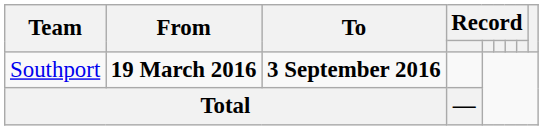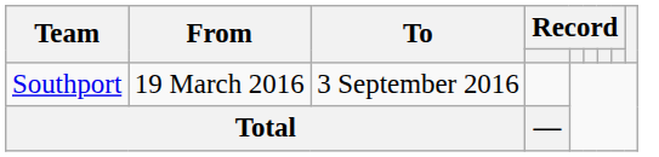 <table class=wikitable style="text-align: center">
 <tr>
 <th rowspan=2>Team</th>
 <th rowspan=2>From</th>
 <th rowspan=2>To</th>
 <th colspan=5>Record</th>
 <th rowspan=2></th>
 </tr>
 <tr>
 <th></th>
 <th></th>
 <th></th>
 <th></th>
 <th></th>
 </tr>
 <tr>
 <td align=left><a href='#'>Southport</a></td>
-<td align=left><strong>19 March 2016</strong></td>
-<td align=left><strong>3 September 2016<br></strong></td>
+<td align=left>19 March 2016</td>
+<td align=left>3 September 2016<br></td>
 <td></td>
 </tr>
 <tr>
 <th colspan=3>Total<br></th>
 <th>—</th>
 </tr>
 </table>
